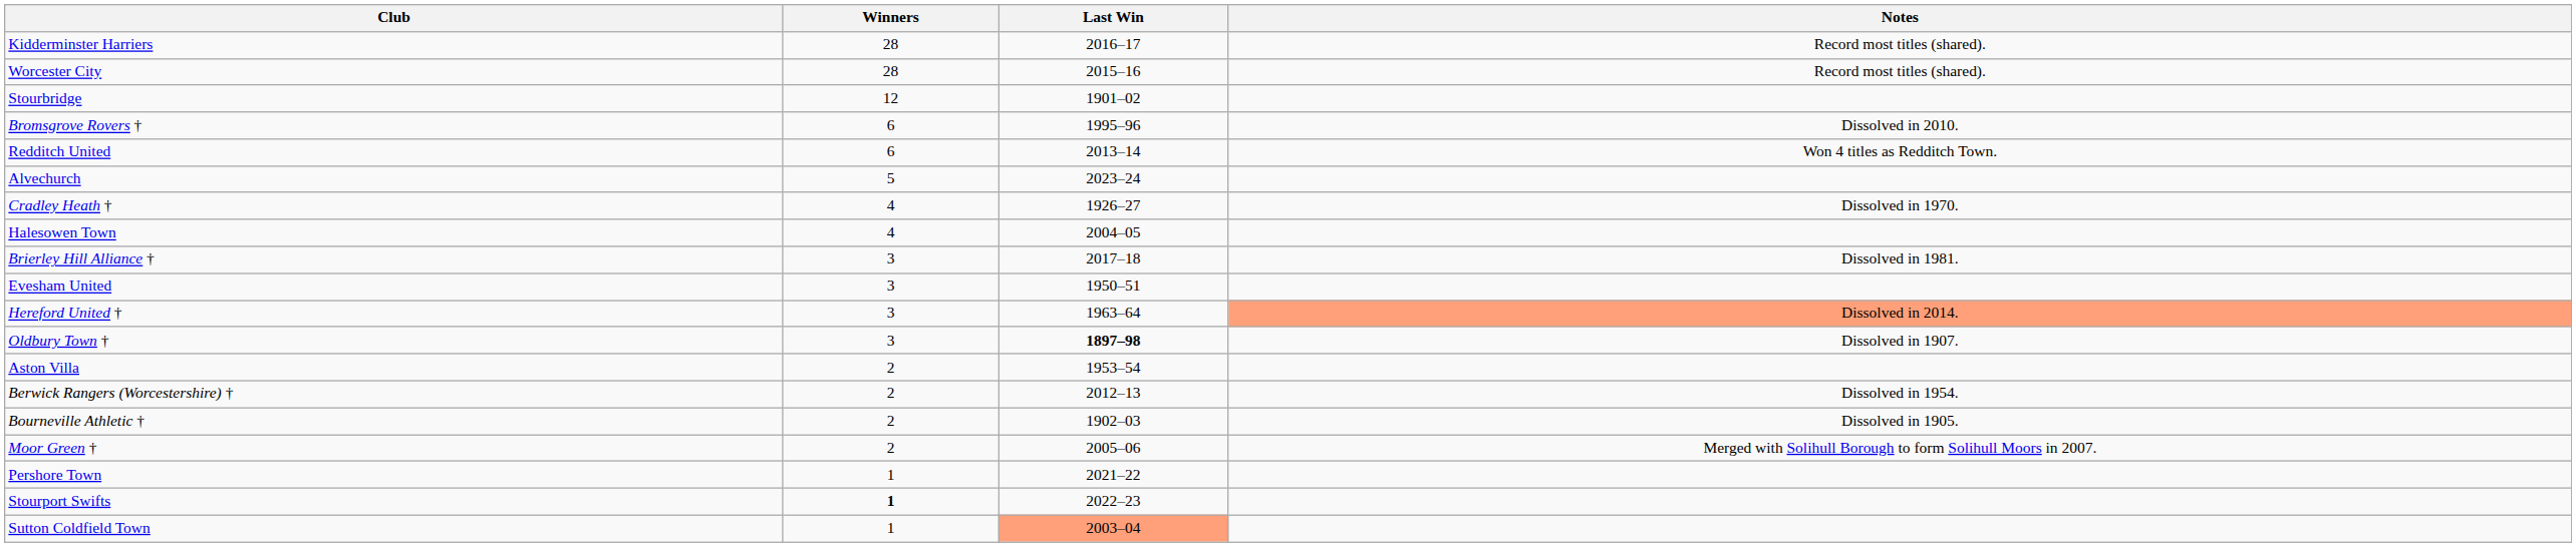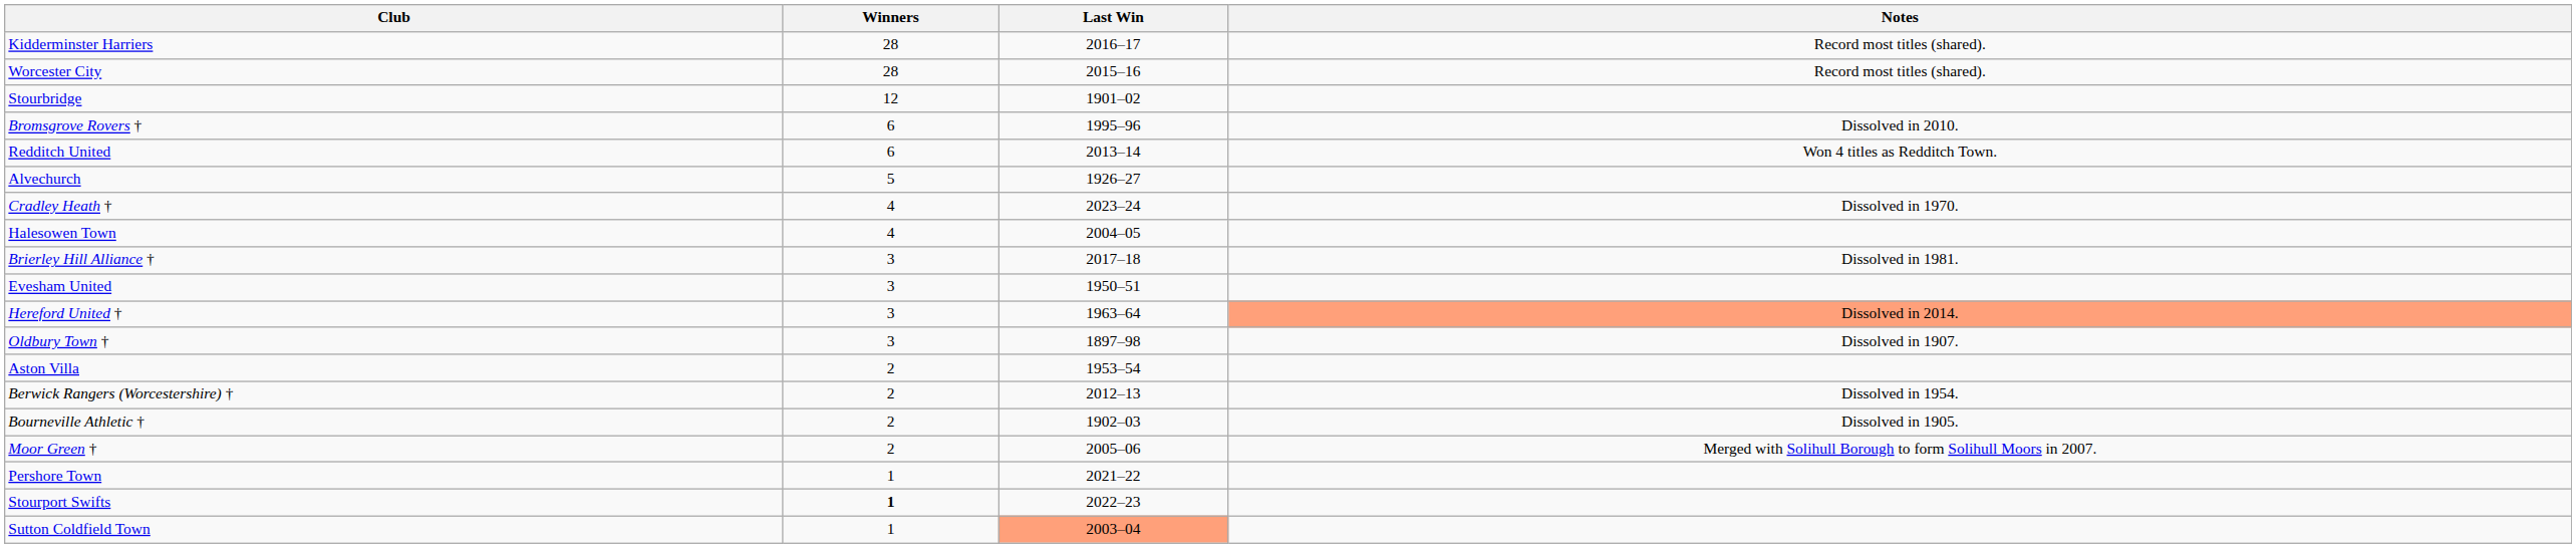 <table class="wikitable" style="text-align: center; width: 100%; font-size: 12px">
 <tr>
 <th>Club</th>
 <th>Winners</th>
 <th>Last Win</th>
 <th>Notes</th>
 </tr>
 <tr>
 <td style="text-align: left"><a href='#'>Kidderminster Harriers</a></td>
 <td>28</td>
 <td>2016–17</td>
 <td>Record most titles (shared).</td>
 </tr>
 <tr>
 <td style="text-align: left"><a href='#'>Worcester City</a></td>
 <td>28</td>
 <td>2015–16</td>
 <td>Record most titles (shared).</td>
 </tr>
 <tr>
 <td style="text-align: left"><a href='#'>Stourbridge</a></td>
 <td>12</td>
 <td>1901–02</td>
 <td></td>
 </tr>
 <tr>
 <td style="text-align: left"><em><a href='#'>Bromsgrove Rovers</a></em> †</td>
 <td>6</td>
 <td>1995–96</td>
 <td>Dissolved in 2010.</td>
 </tr>
 <tr>
 <td style="text-align: left"><a href='#'>Redditch United</a></td>
 <td>6</td>
 <td>2013–14</td>
 <td>Won 4 titles as Redditch Town.</td>
 </tr>
 <tr>
 <td style="text-align: left"><a href='#'>Alvechurch</a></td>
 <td>5</td>
-<td>2023–24</td>
+<td>1926–27</td>
 <td></td>
 </tr>
 <tr>
 <td style="text-align: left"><em><a href='#'>Cradley Heath</a></em> †</td>
 <td>4</td>
-<td>1926–27</td>
+<td>2023–24</td>
 <td>Dissolved in 1970.</td>
 </tr>
 <tr>
 <td style="text-align: left"><a href='#'>Halesowen Town</a></td>
 <td>4</td>
 <td>2004–05</td>
 <td></td>
 </tr>
 <tr>
 <td style="text-align: left"><em><a href='#'>Brierley Hill Alliance</a></em> †</td>
 <td>3</td>
 <td>2017–18</td>
 <td>Dissolved in 1981.</td>
 </tr>
 <tr>
 <td style="text-align: left"><a href='#'>Evesham United</a></td>
 <td>3</td>
 <td>1950–51</td>
 <td></td>
 </tr>
 <tr>
 <td style="text-align: left"><em><a href='#'>Hereford United</a></em> †</td>
 <td>3</td>
 <td>1963–64</td>
 <td style="background: lightsalmon;">Dissolved in 2014.</td>
 </tr>
 <tr>
 <td style="text-align: left"><em><a href='#'>Oldbury Town</a></em> †</td>
 <td>3</td>
-<td><strong>1897–98</strong></td>
+<td>1897–98</td>
 <td>Dissolved in 1907.</td>
 </tr>
 <tr>
 <td style="text-align: left"><a href='#'>Aston Villa</a></td>
 <td>2</td>
 <td>1953–54</td>
 <td></td>
 </tr>
 <tr>
 <td style="text-align: left"><em>Berwick Rangers (Worcestershire)</em> †</td>
 <td>2</td>
 <td>2012–13</td>
 <td>Dissolved in 1954.</td>
 </tr>
 <tr>
 <td style="text-align: left"><em>Bourneville Athletic</em> †</td>
 <td>2</td>
 <td>1902–03</td>
 <td>Dissolved in 1905.</td>
 </tr>
 <tr>
 <td style="text-align: left"><em><a href='#'>Moor Green</a></em> †</td>
 <td>2</td>
 <td>2005–06</td>
 <td>Merged with <a href='#'>Solihull Borough</a> to form <a href='#'>Solihull Moors</a> in 2007.</td>
 </tr>
 <tr>
 <td style="text-align: left"><a href='#'>Pershore Town</a></td>
 <td>1</td>
 <td>2021–22</td>
 <td></td>
 </tr>
 <tr>
 <td style="text-align: left"><a href='#'>Stourport Swifts</a></td>
 <td><strong>1</strong></td>
 <td>2022–23</td>
 <td></td>
 </tr>
 <tr>
 <td style="text-align: left"><a href='#'>Sutton Coldfield Town</a></td>
 <td>1</td>
 <td style="background: lightsalmon;">2003–04</td>
 <td></td>
 </tr>
 </table>
